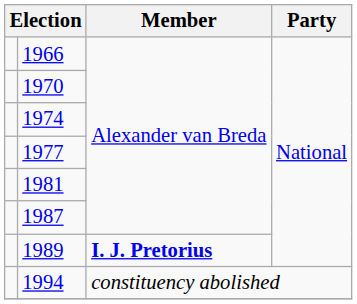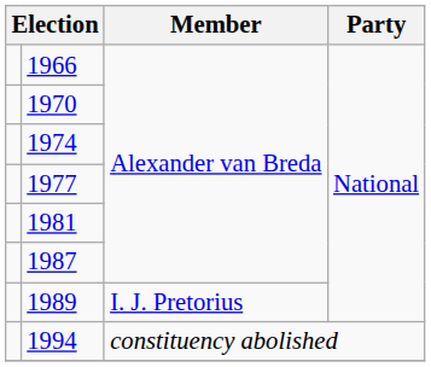 <table class="wikitable">
 <tr>
 <th colspan="2">Election</th>
 <th>Member</th>
 <th>Party</th>
 </tr>
 <tr>
 <td style="background-color: "></td>
 <td><a href='#'>1966</a></td>
 <td rowspan="6"><a href='#'>Alexander van Breda</a></td>
 <td rowspan="7"><a href='#'>National</a></td>
 </tr>
 <tr>
 <td style="background-color: "></td>
 <td><a href='#'>1970</a></td>
 </tr>
 <tr>
 <td style="background-color: "></td>
 <td><a href='#'>1974</a></td>
 </tr>
 <tr>
 <td style="background-color: "></td>
 <td><a href='#'>1977</a></td>
 </tr>
 <tr>
 <td style="background-color: "></td>
 <td><a href='#'>1981</a></td>
 </tr>
 <tr>
 <td style="background-color: "></td>
 <td><a href='#'>1987</a></td>
 </tr>
 <tr>
 <td style="background-color: "></td>
 <td><a href='#'>1989</a></td>
-<td><strong><a href='#'>I. J. Pretorius</a></strong></td>
+<td><a href='#'>I. J. Pretorius</a></td>
 </tr>
 <tr>
 <td style="background-color: "></td>
 <td><a href='#'>1994</a></td>
 <td colspan="2"><em>constituency abolished</em></td>
 </tr>
 <tr>
 </tr>
 </table>
